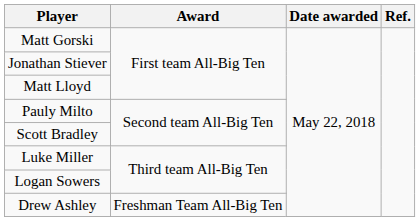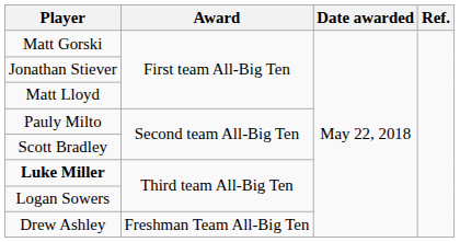 <table class="wikitable sortable sortable" style="text-align: center">
 <tr align=center>
 <th>Player</th>
 <th>Award</th>
 <th>Date awarded</th>
 <th>Ref.</th>
 </tr>
 <tr>
 <td>Matt Gorski</td>
 <td rowspan="3">First team All-Big Ten</td>
 <td rowspan="8">May 22, 2018</td>
 <td rowspan="8"></td>
 </tr>
 <tr>
 <td>Jonathan Stiever</td>
 </tr>
 <tr>
 <td>Matt Lloyd</td>
 </tr>
 <tr>
 <td>Pauly Milto</td>
 <td rowspan="2">Second team All-Big Ten</td>
 </tr>
 <tr>
 <td>Scott Bradley</td>
 </tr>
 <tr>
-<td>Luke Miller</td>
+<td><strong>Luke Miller</strong></td>
 <td rowspan="2">Third team All-Big Ten</td>
 </tr>
 <tr>
 <td>Logan Sowers</td>
 </tr>
 <tr>
 <td>Drew Ashley</td>
 <td rowspan="1">Freshman Team All-Big Ten</td>
 </tr>
 </table>
